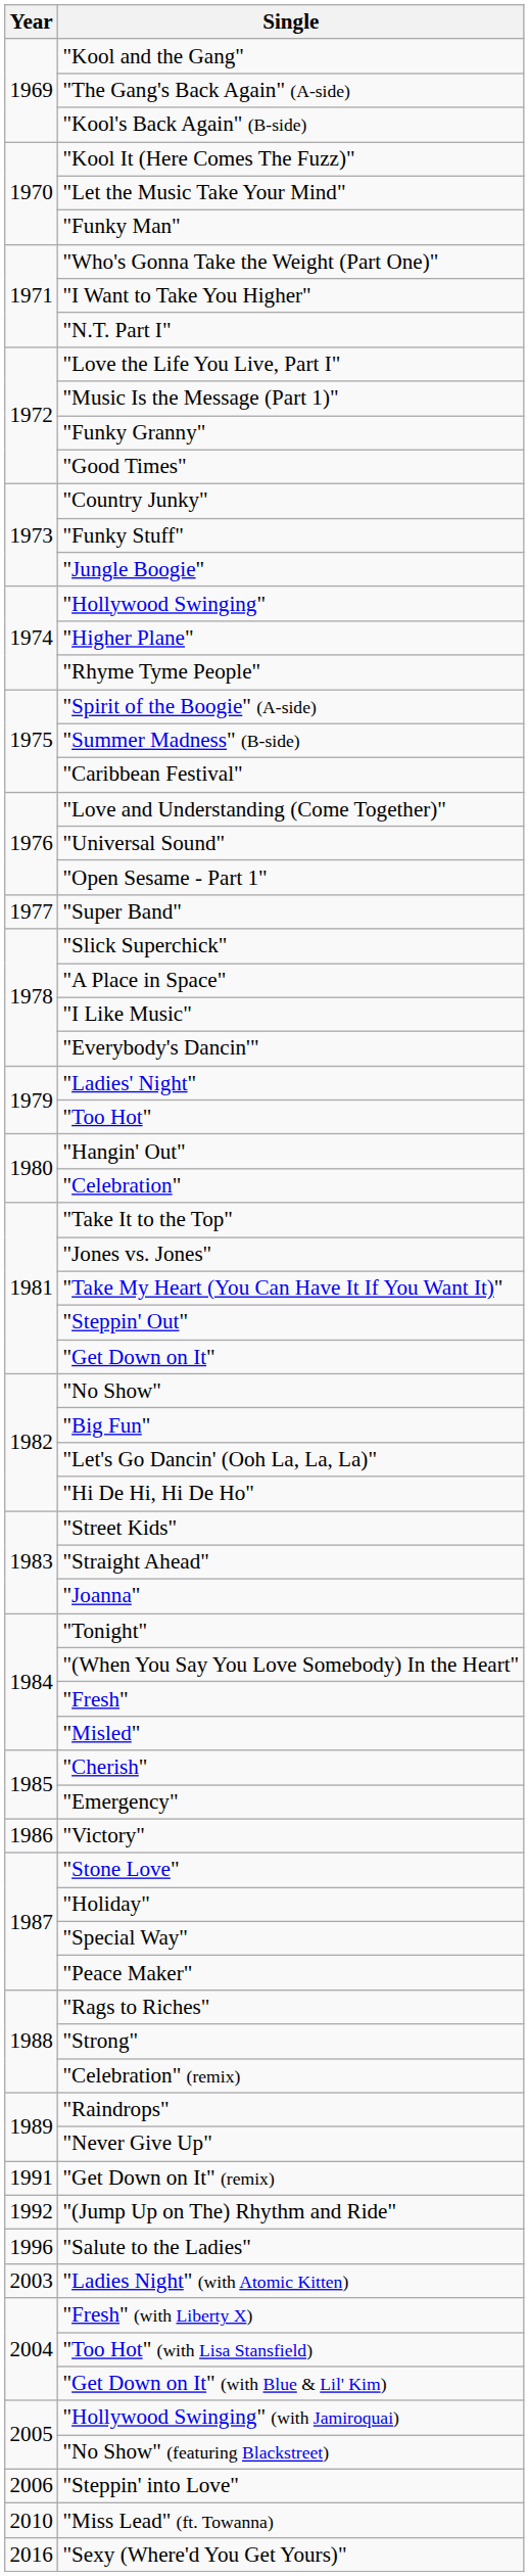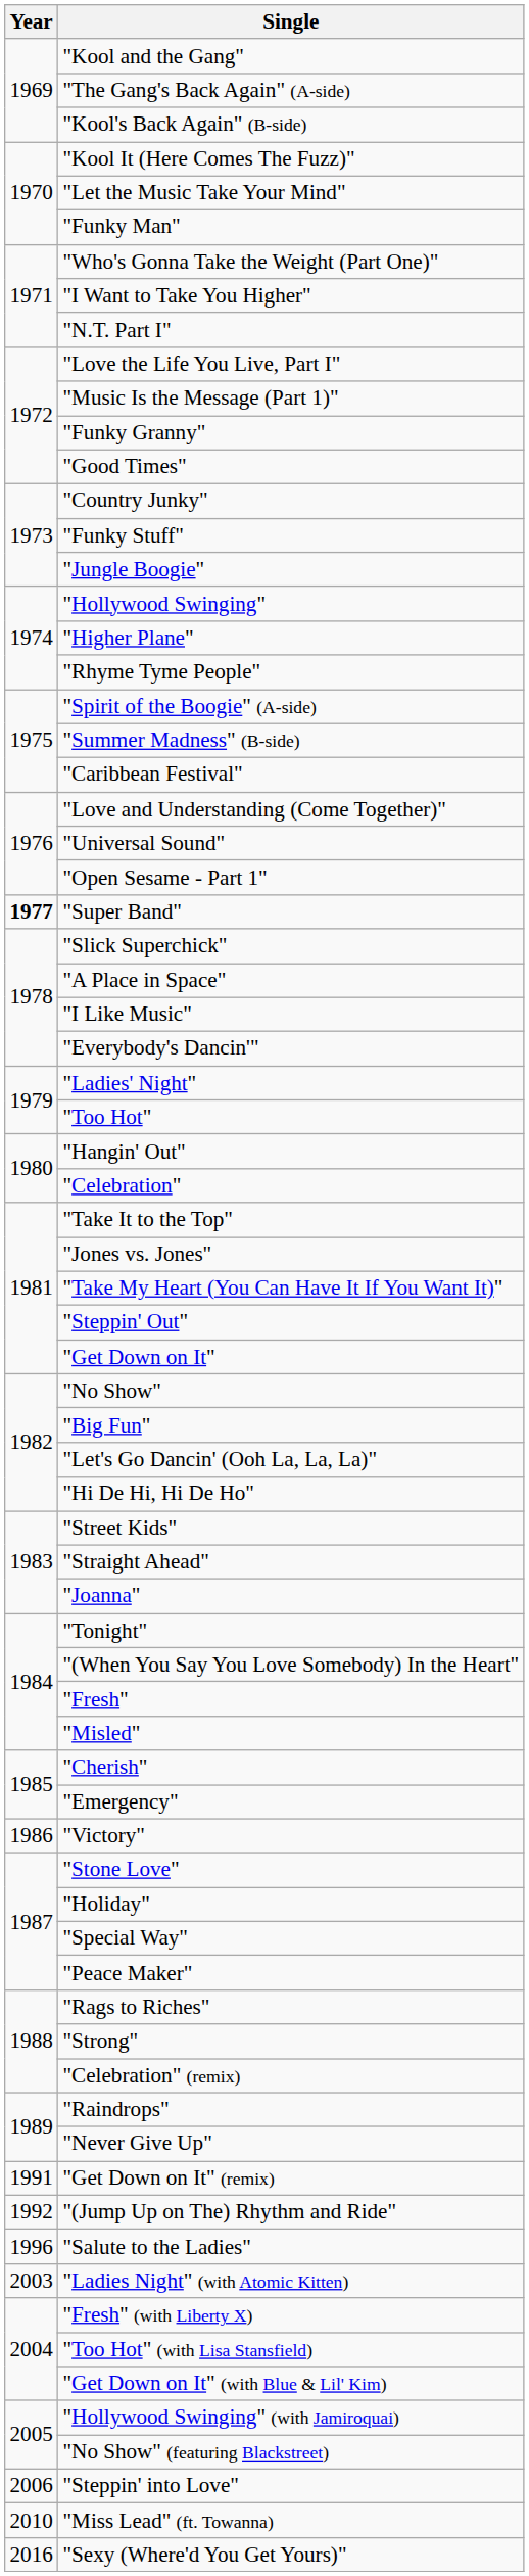 <table class="wikitable">
 <tr>
 <th>Year</th>
 <th>Single</th>
 </tr>
 <tr>
 <td rowspan="3">1969</td>
 <td>"Kool and the Gang"</td>
 </tr>
 <tr>
 <td>"The Gang's Back Again" <small>(A-side)</small></td>
 </tr>
 <tr>
 <td>"Kool's Back Again" <small>(B-side)</small></td>
 </tr>
 <tr>
 <td rowspan="3">1970</td>
 <td>"Kool It (Here Comes The Fuzz)"</td>
 </tr>
 <tr>
 <td>"Let the Music Take Your Mind"</td>
 </tr>
 <tr>
 <td>"Funky Man"</td>
 </tr>
 <tr>
 <td rowspan="3">1971</td>
 <td>"Who's Gonna Take the Weight (Part One)"</td>
 </tr>
 <tr>
 <td>"I Want to Take You Higher"</td>
 </tr>
 <tr>
 <td>"N.T. Part I"</td>
 </tr>
 <tr>
 <td rowspan="4">1972</td>
 <td>"Love the Life You Live, Part I"</td>
 </tr>
 <tr>
 <td>"Music Is the Message (Part 1)"</td>
 </tr>
 <tr>
 <td>"Funky Granny"</td>
 </tr>
 <tr>
 <td>"Good Times"</td>
 </tr>
 <tr>
 <td rowspan="3">1973</td>
 <td>"Country Junky"</td>
 </tr>
 <tr>
 <td>"Funky Stuff"</td>
 </tr>
 <tr>
 <td>"<a href='#'>Jungle Boogie</a>"</td>
 </tr>
 <tr>
 <td rowspan="3">1974</td>
 <td>"<a href='#'>Hollywood Swinging</a>"</td>
 </tr>
 <tr>
 <td>"<a href='#'>Higher Plane</a>"</td>
 </tr>
 <tr>
 <td>"Rhyme Tyme People"</td>
 </tr>
 <tr>
 <td rowspan="3">1975</td>
 <td>"<a href='#'>Spirit of the Boogie</a>" <small>(A-side)</small></td>
 </tr>
 <tr>
 <td>"<a href='#'>Summer Madness</a>" <small>(B-side)</small></td>
 </tr>
 <tr>
 <td>"Caribbean Festival"</td>
 </tr>
 <tr>
 <td rowspan="3">1976</td>
 <td>"Love and Understanding (Come Together)"</td>
 </tr>
 <tr>
 <td>"Universal Sound"</td>
 </tr>
 <tr>
 <td>"Open Sesame - Part 1"</td>
 </tr>
 <tr>
-<td>1977</td>
+<td><strong>1977</strong></td>
 <td>"Super Band"</td>
 </tr>
 <tr>
 <td rowspan="4">1978</td>
 <td>"Slick Superchick"</td>
 </tr>
 <tr>
 <td>"A Place in Space"</td>
 </tr>
 <tr>
 <td>"I Like Music"</td>
 </tr>
 <tr>
 <td>"Everybody's Dancin'"</td>
 </tr>
 <tr>
 <td rowspan="2">1979</td>
 <td>"<a href='#'>Ladies' Night</a>"</td>
 </tr>
 <tr>
 <td>"<a href='#'>Too Hot</a>"</td>
 </tr>
 <tr>
 <td rowspan="2">1980</td>
 <td>"Hangin' Out"</td>
 </tr>
 <tr>
 <td>"<a href='#'>Celebration</a>"</td>
 </tr>
 <tr>
 <td rowspan="5">1981</td>
 <td>"Take It to the Top"</td>
 </tr>
 <tr>
 <td>"Jones vs. Jones"</td>
 </tr>
 <tr>
 <td>"<a href='#'>Take My Heart (You Can Have It If You Want It)</a>"</td>
 </tr>
 <tr>
 <td>"<a href='#'>Steppin' Out</a>"</td>
 </tr>
 <tr>
 <td>"<a href='#'>Get Down on It</a>"</td>
 </tr>
 <tr>
 <td rowspan="4">1982</td>
 <td>"No Show"</td>
 </tr>
 <tr>
 <td>"<a href='#'>Big Fun</a>"</td>
 </tr>
 <tr>
 <td>"Let's Go Dancin' (Ooh La, La, La)"</td>
 </tr>
 <tr>
 <td>"Hi De Hi, Hi De Ho"</td>
 </tr>
 <tr>
 <td rowspan="3">1983</td>
 <td>"Street Kids"</td>
 </tr>
 <tr>
 <td>"Straight Ahead"</td>
 </tr>
 <tr>
 <td>"<a href='#'>Joanna</a>"</td>
 </tr>
 <tr>
 <td rowspan="4">1984</td>
 <td>"Tonight"</td>
 </tr>
 <tr>
 <td>"(When You Say You Love Somebody) In the Heart"</td>
 </tr>
 <tr>
 <td>"<a href='#'>Fresh</a>"</td>
 </tr>
 <tr>
 <td>"<a href='#'>Misled</a>"</td>
 </tr>
 <tr>
 <td rowspan="2">1985</td>
 <td>"<a href='#'>Cherish</a>"</td>
 </tr>
 <tr>
 <td>"Emergency"</td>
 </tr>
 <tr>
 <td>1986</td>
 <td>"Victory"</td>
 </tr>
 <tr>
 <td rowspan="4">1987</td>
 <td>"<a href='#'>Stone Love</a>"</td>
 </tr>
 <tr>
 <td>"Holiday"</td>
 </tr>
 <tr>
 <td>"Special Way"</td>
 </tr>
 <tr>
 <td>"Peace Maker"</td>
 </tr>
 <tr>
 <td rowspan="3">1988</td>
 <td>"Rags to Riches"</td>
 </tr>
 <tr>
 <td>"Strong"</td>
 </tr>
 <tr>
 <td>"Celebration" <small>(remix)</small></td>
 </tr>
 <tr>
 <td rowspan="2">1989</td>
 <td>"Raindrops"</td>
 </tr>
 <tr>
 <td>"Never Give Up"</td>
 </tr>
 <tr>
 <td>1991</td>
 <td>"Get Down on It" <small>(remix)</small></td>
 </tr>
 <tr>
 <td>1992</td>
 <td>"(Jump Up on The) Rhythm and Ride"</td>
 </tr>
 <tr>
 <td>1996</td>
 <td>"Salute to the Ladies"</td>
 </tr>
 <tr>
 <td>2003</td>
 <td>"<a href='#'>Ladies Night</a>" <small>(with <a href='#'>Atomic Kitten</a>)</small></td>
 </tr>
 <tr>
 <td rowspan="3">2004</td>
 <td>"<a href='#'>Fresh</a>" <small>(with <a href='#'>Liberty X</a>)</small></td>
 </tr>
 <tr>
 <td>"<a href='#'>Too Hot</a>" <small>(with <a href='#'>Lisa Stansfield</a>)</small></td>
 </tr>
 <tr>
 <td>"<a href='#'>Get Down on It</a>" <small>(with <a href='#'>Blue</a> & <a href='#'>Lil' Kim</a>)</small></td>
 </tr>
 <tr>
 <td rowspan="2">2005</td>
 <td>"<a href='#'>Hollywood Swinging</a>" <small>(with <a href='#'>Jamiroquai</a>)</small></td>
 </tr>
 <tr>
 <td>"No Show" <small>(featuring <a href='#'>Blackstreet</a>)</small></td>
 </tr>
 <tr>
 <td>2006</td>
 <td>"Steppin' into Love"</td>
 </tr>
 <tr>
 <td>2010</td>
 <td>"Miss Lead" <small>(ft. Towanna)</small></td>
 </tr>
 <tr>
 <td>2016</td>
 <td>"Sexy (Where'd You Get Yours)"</td>
 </tr>
 </table>
